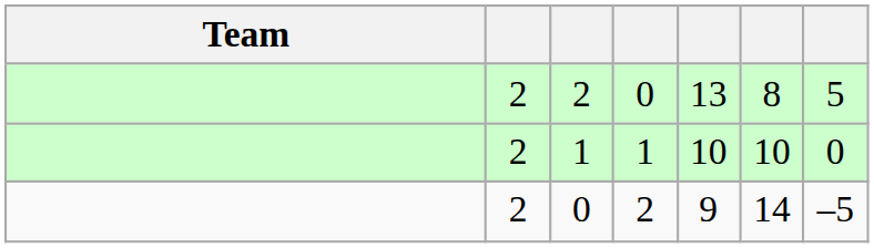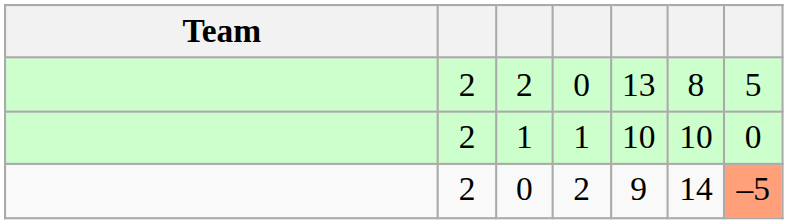 <table class=wikitable style="text-align:center">
 <tr>
 <th width=200>Team</th>
 <th width=20></th>
 <th width=20></th>
 <th width=20></th>
 <th width=20></th>
 <th width=20></th>
 <th width=20></th>
 </tr>
 <tr bgcolor=ccffcc>
 <td style="text-align:left"></td>
 <td>2</td>
 <td>2</td>
 <td>0</td>
 <td>13</td>
 <td>8</td>
 <td>5</td>
 </tr>
 <tr bgcolor=ccffcc>
 <td style="text-align:left"></td>
 <td>2</td>
 <td>1</td>
 <td>1</td>
 <td>10</td>
 <td>10</td>
 <td>0</td>
 </tr>
 <tr>
 <td style="text-align:left"></td>
 <td>2</td>
 <td>0</td>
 <td>2</td>
 <td>9</td>
 <td>14</td>
-<td>–5</td>
+<td style="background: lightsalmon;">–5</td>
 </tr>
 </table>
